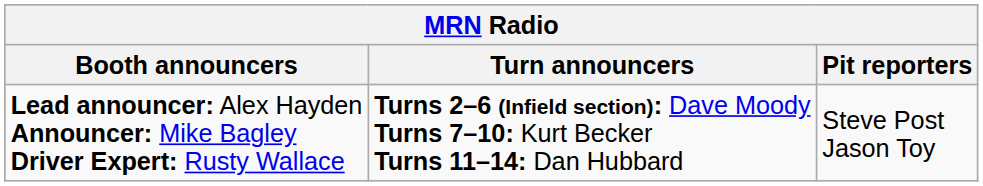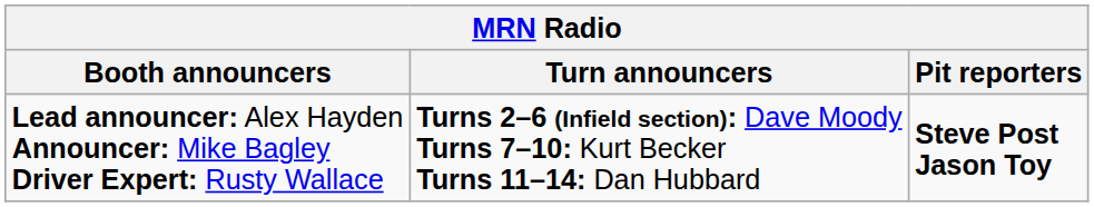 <table class="wikitable" style="font-size: 95%;">
 <tr>
 <th colspan="3"><a href='#'>MRN</a> Radio</th>
 </tr>
 <tr>
 <th>Booth announcers</th>
 <th>Turn announcers</th>
 <th>Pit reporters</th>
 </tr>
 <tr>
 <td><strong>Lead announcer:</strong> Alex Hayden<br><strong>Announcer:</strong> <a href='#'>Mike Bagley</a><br><strong>Driver Expert:</strong> <a href='#'>Rusty Wallace</a></td>
 <td><strong>Turns 2–6 <small>(Infield section)</small>:</strong> <a href='#'>Dave Moody</a><br><strong>Turns 7–10:</strong> Kurt Becker<br><strong>Turns 11–14:</strong> Dan Hubbard</td>
-<td>Steve Post<br>Jason Toy</td>
+<td><strong>Steve Post<br>Jason Toy</strong></td>
 </tr>
 </table>
